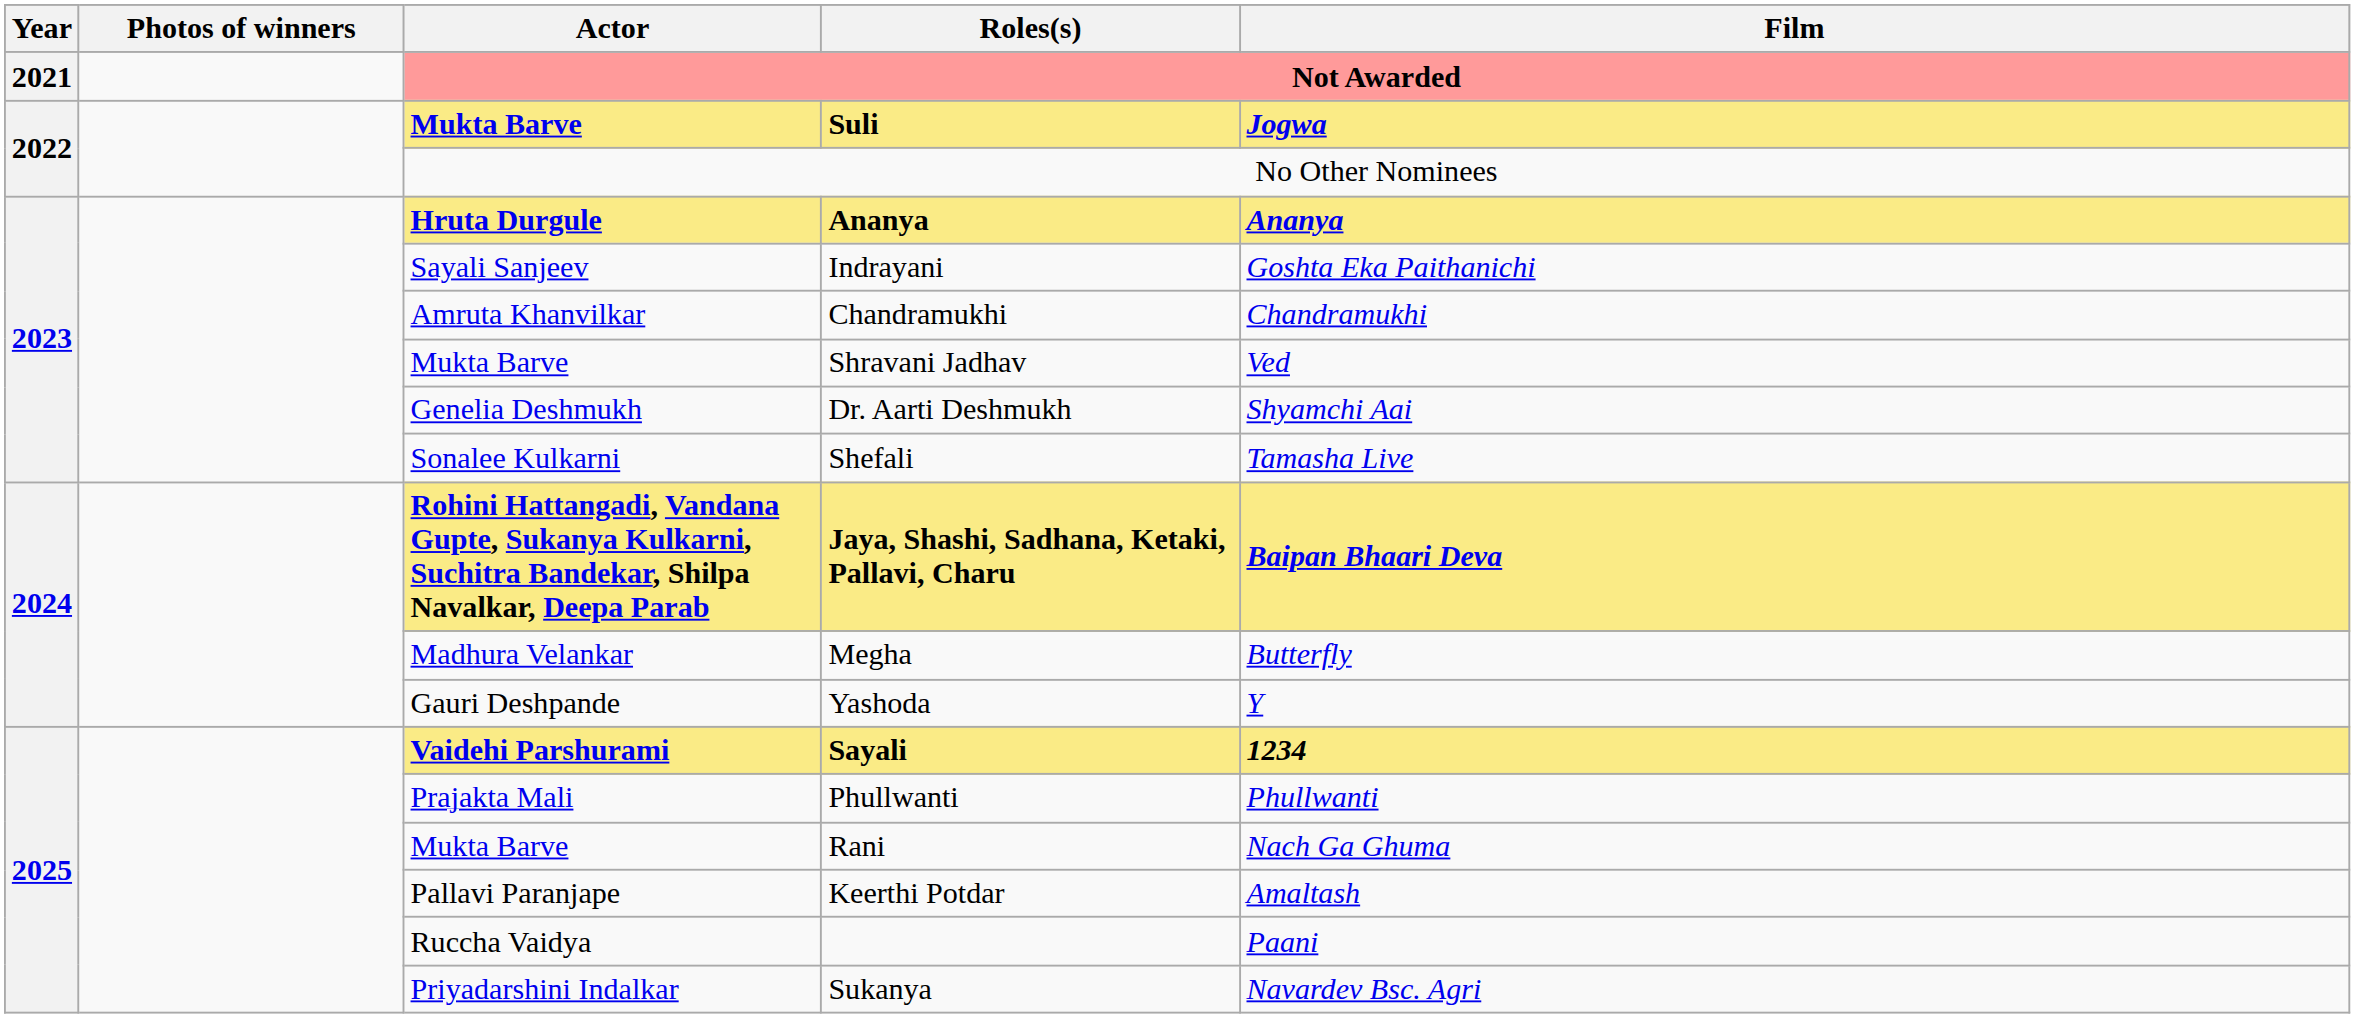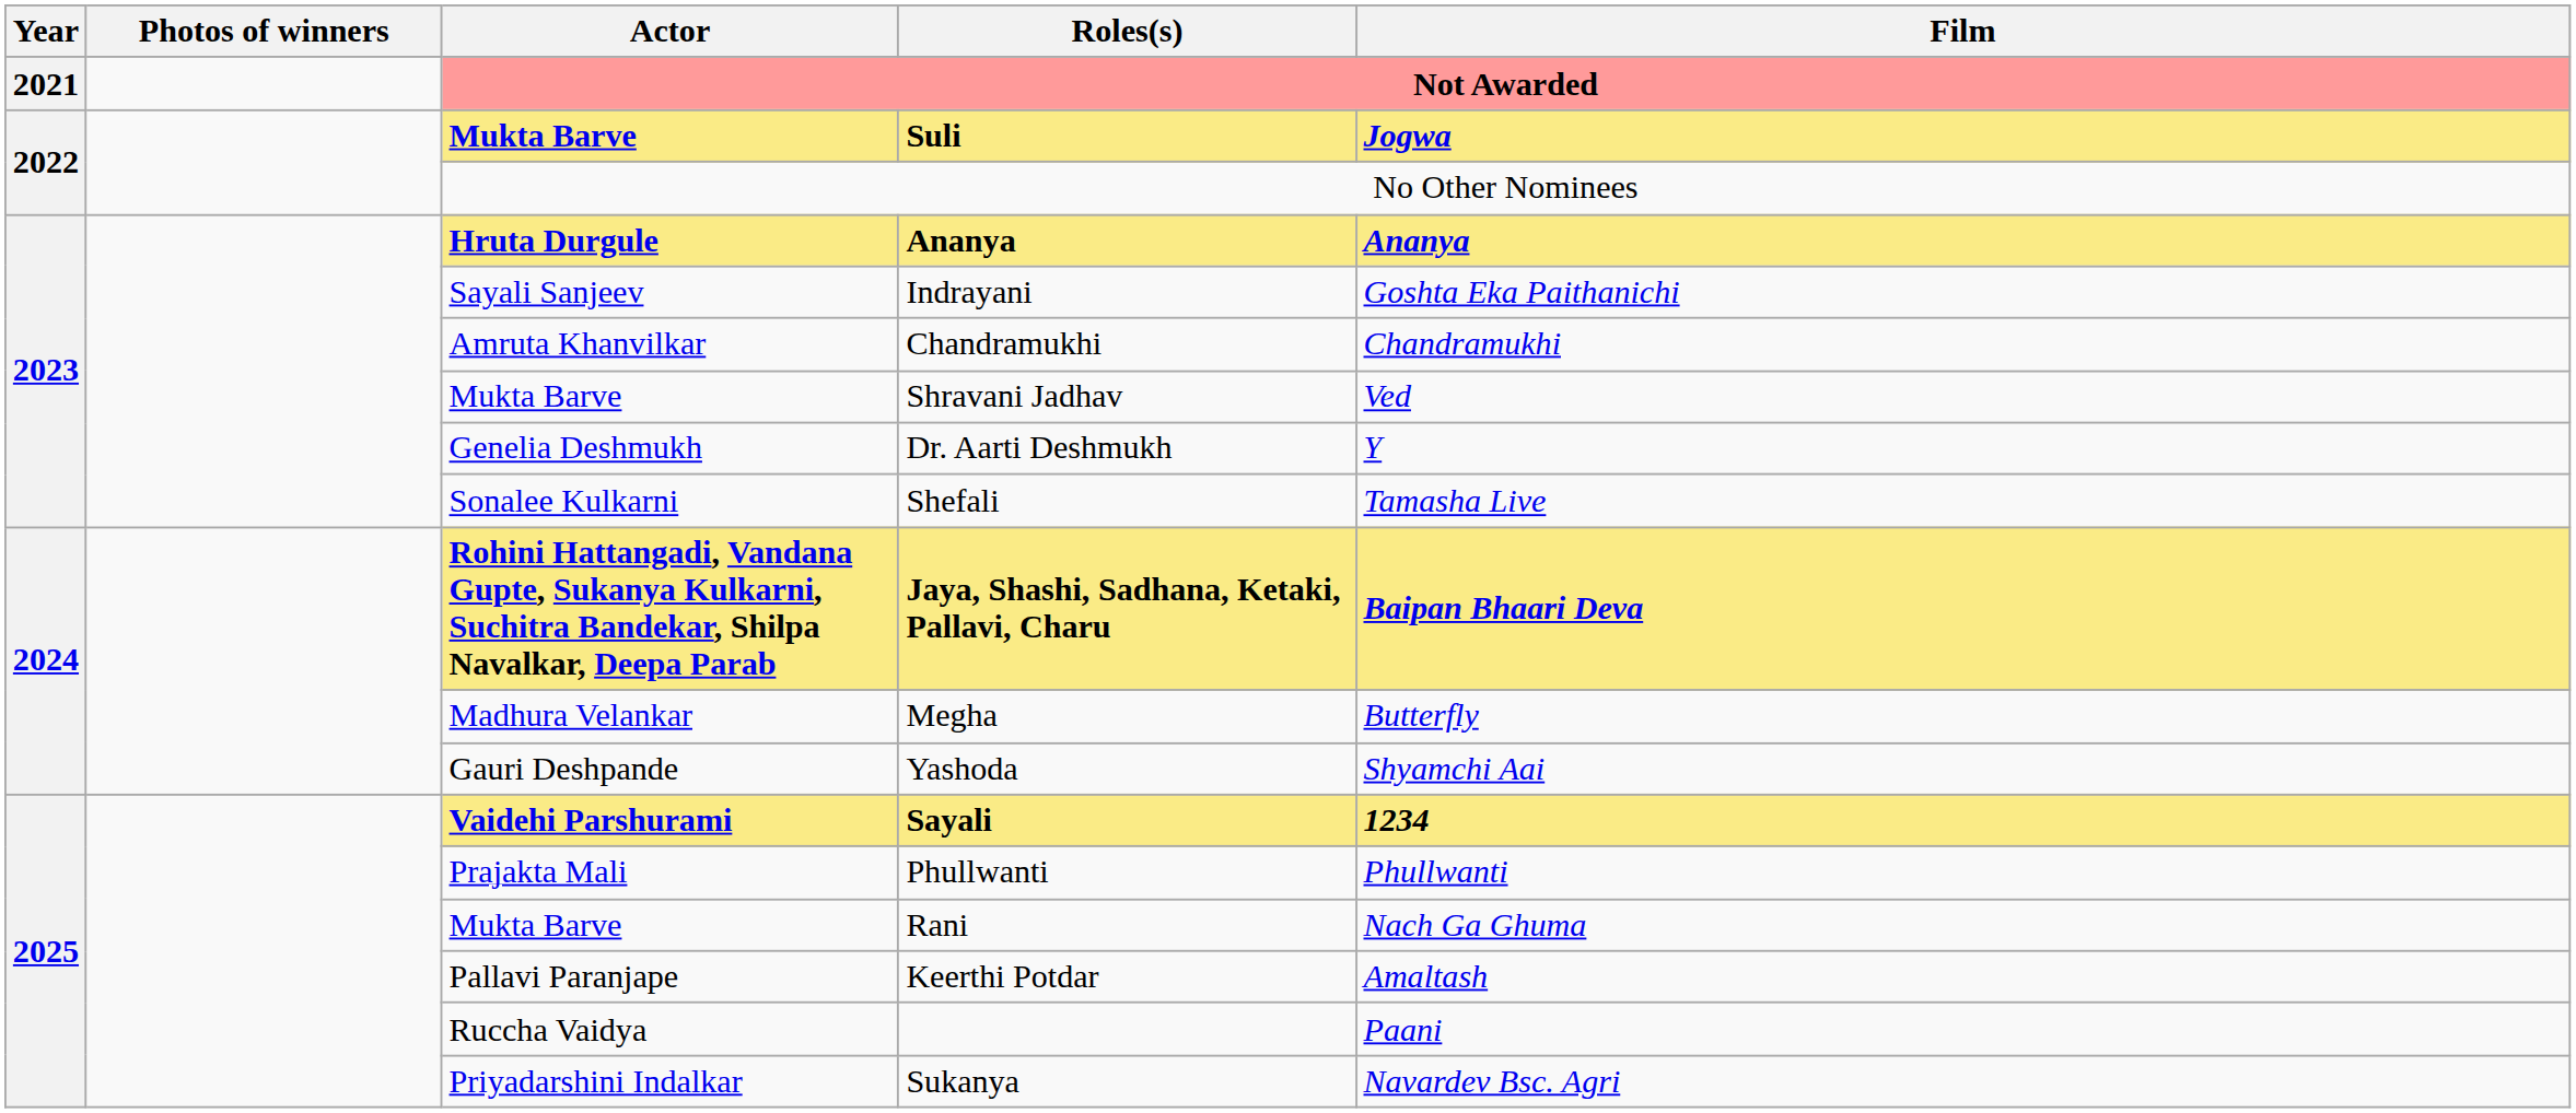 <table class="wikitable" style="width:">
 <tr bgcolor="#bebebe">
 <th width="2%">Year</th>
 <th width="14%">Photos of winners</th>
 <th width="18%">Actor</th>
 <th width="18%">Roles(s)</th>
 <th width="48%">Film</th>
 </tr>
 <tr>
 <th rowspan="1" style="text-align:center"><strong>2021</strong></th>
 <td rowspan="1"></td>
 <td colspan="3" rowspan="1" bgcolor="#ff9a9a" style="text-align:center"><strong>Not Awarded</strong></td>
 </tr>
 <tr>
 <th rowspan="2" style="text-align:center"><strong>2022</strong></th>
 <td rowspan="2"></td>
 <td style="background:#FAEB86;"><strong><a href='#'>Mukta Barve</a></strong></td>
 <td style="background:#FAEB86;"><strong>Suli</strong></td>
 <td style="background:#FAEB86;"><strong><em><a href='#'>Jogwa</a></em></strong></td>
 </tr>
 <tr>
 <td colspan="3" style="text-align:center">No Other Nominees</td>
 </tr>
 <tr>
 <th rowspan="6" style="text-align:center"><strong><a href='#'>2023</a></strong></th>
 <td rowspan="6"></td>
 <td style="background:#FAEB86;"><strong> <a href='#'>Hruta Durgule</a></strong></td>
 <td style="background:#FAEB86;"><strong>Ananya </strong></td>
 <td style="background:#FAEB86;"><strong><em><a href='#'>Ananya</a></em></strong></td>
 </tr>
 <tr>
 <td><a href='#'>Sayali Sanjeev</a></td>
 <td>Indrayani</td>
 <td><em><a href='#'>Goshta Eka Paithanichi</a></em></td>
 </tr>
 <tr>
 <td><a href='#'>Amruta Khanvilkar</a></td>
 <td>Chandramukhi</td>
 <td><em><a href='#'>Chandramukhi</a></em></td>
 </tr>
 <tr>
 <td><a href='#'>Mukta Barve</a></td>
 <td>Shravani Jadhav</td>
 <td><em><a href='#'>Ved</a></em></td>
 </tr>
 <tr>
 <td><a href='#'>Genelia Deshmukh</a></td>
 <td>Dr. Aarti Deshmukh</td>
-<td><em><a href='#'>Shyamchi Aai</a></em></td>
+<td><em><a href='#'>Y</a></em></td>
 </tr>
 <tr>
 <td><a href='#'>Sonalee Kulkarni</a></td>
 <td>Shefali</td>
 <td><em><a href='#'>Tamasha Live</a></em></td>
 </tr>
 <tr>
 <th rowspan="3" style="text-align:center"><strong><a href='#'>2024</a></strong></th>
 <td rowspan="3"><br>  </td>
 <td style="background:#FAEB86;"><strong><a href='#'>Rohini Hattangadi</a>, <a href='#'>Vandana Gupte</a>, <a href='#'>Sukanya Kulkarni</a>, <a href='#'>Suchitra Bandekar</a>, Shilpa Navalkar, <a href='#'>Deepa Parab</a></strong></td>
 <td style="background:#FAEB86;"><strong>Jaya, Shashi, Sadhana, Ketaki, Pallavi, Charu</strong></td>
 <td style="background:#FAEB86;"><strong><em><a href='#'>Baipan Bhaari Deva</a></em></strong></td>
 </tr>
 <tr>
 <td><a href='#'>Madhura Velankar</a></td>
 <td>Megha</td>
 <td><em><a href='#'>Butterfly</a></em></td>
 </tr>
 <tr>
 <td>Gauri Deshpande</td>
 <td>Yashoda</td>
-<td><em><a href='#'>Y</a></em></td>
+<td><em><a href='#'>Shyamchi Aai</a></em></td>
 </tr>
 <tr>
 <th rowspan="6"><a href='#'>2025</a></th>
 <td rowspan="6"></td>
 <td style="background:#FAEB86;"><a href='#'><strong>Vaidehi Parshurami</strong></a></td>
 <td style="background:#FAEB86;"><strong>Sayali</strong></td>
 <td style="background:#FAEB86;"><strong><em>1234</em></strong></td>
 </tr>
 <tr>
 <td><a href='#'>Prajakta Mali</a></td>
 <td>Phullwanti</td>
 <td><em><a href='#'>Phullwanti</a></em></td>
 </tr>
 <tr>
 <td><a href='#'>Mukta Barve</a></td>
 <td>Rani</td>
 <td><em><a href='#'>Nach Ga Ghuma</a></em></td>
 </tr>
 <tr>
 <td>Pallavi Paranjape</td>
 <td>Keerthi Potdar</td>
 <td><em><a href='#'>Amaltash</a></em></td>
 </tr>
 <tr>
 <td>Ruccha Vaidya</td>
 <td></td>
 <td><em><a href='#'>Paani</a></em></td>
 </tr>
 <tr>
 <td><a href='#'>Priyadarshini Indalkar</a></td>
 <td>Sukanya</td>
 <td><a href='#'><em>Navardev Bsc. Agri</em></a></td>
 </tr>
 </table>
